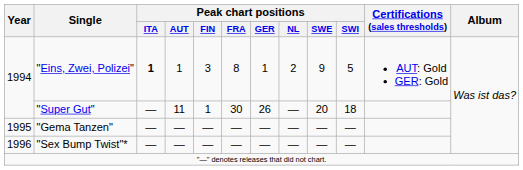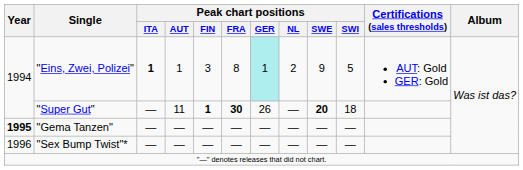 <table class="wikitable" style="text-align:center;">
 <tr>
 <th rowspan="2">Year</th>
 <th rowspan="2">Single</th>
 <th colspan="8">Peak chart positions</th>
 <th rowspan="2"><a href='#'>Certifications</a><br><small>(<a href='#'>sales thresholds</a>)</small></th>
 <th rowspan="2">Album</th>
 </tr>
 <tr style="font-size:smaller;">
 <th style="width:35px;"><a href='#'>ITA</a><br></th>
 <th style="width:35px;"><a href='#'>AUT</a><br></th>
 <th style="width:35px;"><a href='#'>FIN</a><br></th>
 <th style="width:35px;"><a href='#'>FRA</a><br></th>
 <th style="width:35px;"><a href='#'>GER</a><br></th>
 <th style="width:35px;"><a href='#'>NL</a><br></th>
 <th style="width:35px;"><a href='#'>SWE</a><br></th>
 <th style="width:35px;"><a href='#'>SWI</a><br></th>
 </tr>
 <tr>
 <td rowspan=2>1994</td>
 <td style="text-align:left;">"<a href='#'>Eins, Zwei, Polizei</a>"</td>
 <td><strong>1</strong></td>
 <td>1</td>
 <td>3</td>
 <td>8</td>
-<td>1</td>
+<td style="background: paleturquoise;">1</td>
 <td>2</td>
 <td>9</td>
 <td>5</td>
 <td><br><ul><li><a href='#'>AUT</a>: Gold</li><li><a href='#'>GER</a>: Gold</li></ul></td>
 <td style="text-align:left;" rowspan="4"><em>Was ist das?</em></td>
 </tr>
 <tr>
 <td style="text-align:left;">"<a href='#'>Super Gut</a>"</td>
 <td>—</td>
 <td>11</td>
-<td>1</td>
-<td>30</td>
+<td><strong>1</strong></td>
+<td><strong>30</strong></td>
 <td>26</td>
 <td>—</td>
-<td>20</td>
+<td><strong>20</strong></td>
 <td>18</td>
 <td></td>
 </tr>
 <tr>
-<td>1995</td>
+<td><strong>1995</strong></td>
 <td style="text-align:left;">"Gema Tanzen"</td>
 <td>—</td>
 <td>—</td>
 <td>—</td>
 <td>—</td>
 <td>—</td>
 <td>—</td>
 <td>—</td>
 <td>—</td>
 <td></td>
 </tr>
 <tr>
 <td>1996</td>
 <td style="text-align:left;">"Sex Bump Twist"*</td>
 <td>—</td>
 <td>—</td>
 <td>—</td>
 <td>—</td>
 <td>—</td>
 <td>—</td>
 <td>—</td>
 <td>—</td>
 <td></td>
 </tr>
 <tr>
 <td colspan="15" style="font-size:8pt">"—" denotes releases that did not chart.</td>
 </tr>
 </table>
